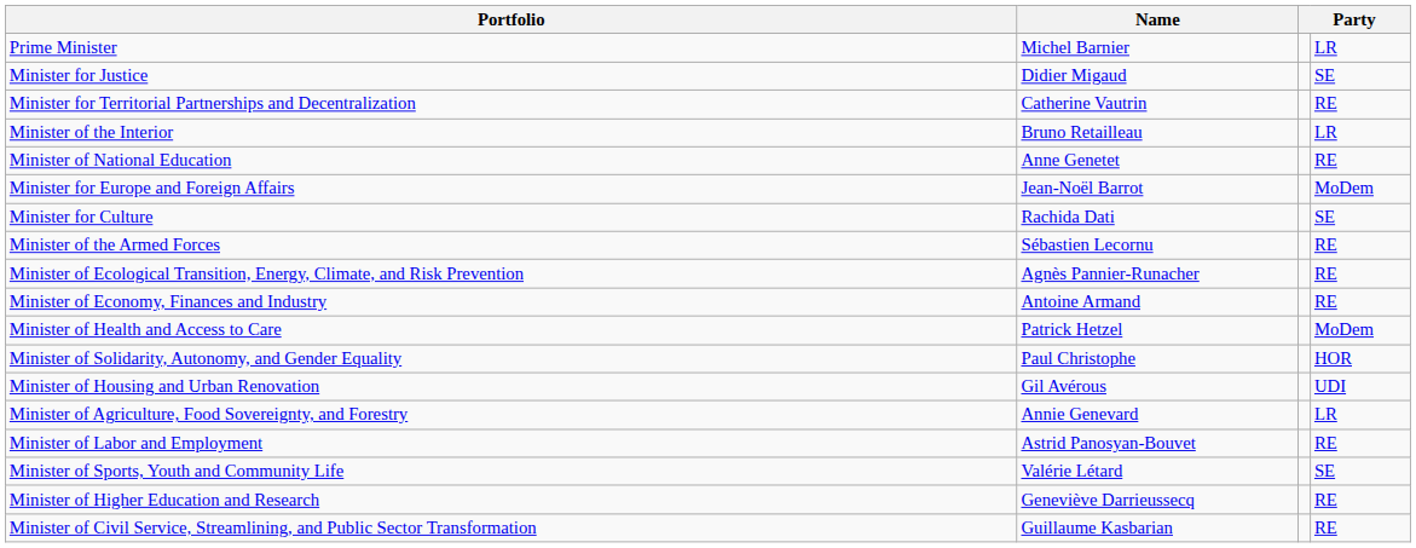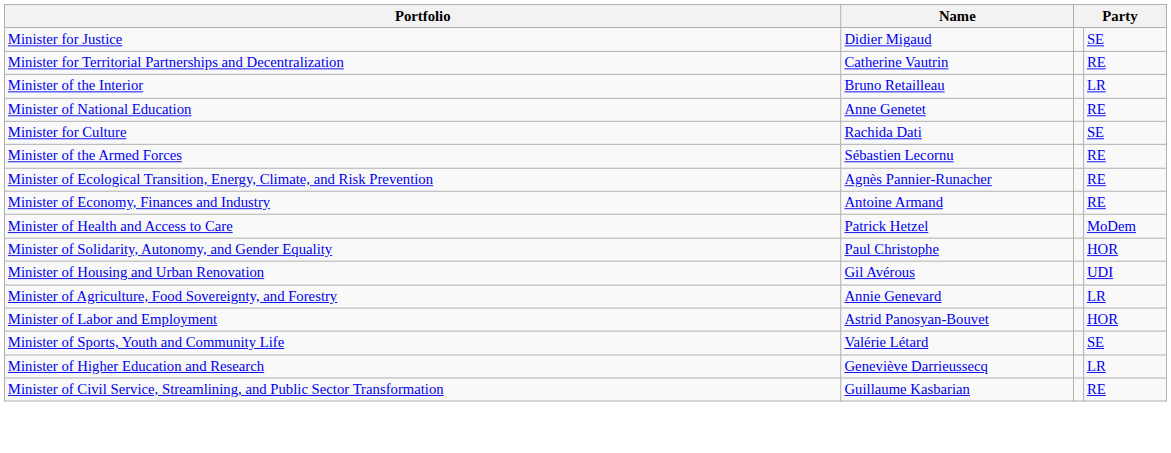 <table class="wikitable" style="width:100%">
 <tr>
 <th>Portfolio</th>
 <th style="width:20%">Name</th>
 <th colspan="2" style="width:8%">Party</th>
-</tr>
-<tr>
-<td><a href='#'>Prime Minister</a></td>
-<td><a href='#'>Michel Barnier</a></td>
-<td style="background: "></td>
-<td><a href='#'>LR</a></td>
 </tr>
 <tr>
 <td><a href='#'>Minister for Justice</a></td>
 <td><a href='#'>Didier Migaud</a></td>
 <td style="background:"></td>
 <td><a href='#'>SE</a></td>
 </tr>
 <tr>
 <td><a href='#'>Minister for Territorial Partnerships and Decentralization</a></td>
 <td><a href='#'>Catherine Vautrin</a></td>
 <td style="background:"></td>
 <td><a href='#'>RE</a></td>
 </tr>
 <tr>
 <td><a href='#'>Minister of the Interior</a></td>
 <td style="width:20%"><a href='#'>Bruno Retailleau</a></td>
 <td style="background:"></td>
 <td><a href='#'>LR</a></td>
 </tr>
 <tr>
 <td><a href='#'>Minister of National Education</a></td>
 <td><a href='#'>Anne Genetet</a></td>
 <td style="background:"></td>
 <td><a href='#'>RE</a></td>
-</tr>
-<tr>
-<td><a href='#'>Minister for Europe and Foreign Affairs</a></td>
-<td><a href='#'>Jean-Noël Barrot</a></td>
-<td style="background:"></td>
-<td><a href='#'>MoDem</a></td>
 </tr>
 <tr>
 <td><a href='#'>Minister for Culture</a></td>
 <td><a href='#'>Rachida Dati</a></td>
 <td style="background:"></td>
 <td><a href='#'>SE</a></td>
 </tr>
 <tr>
 <td><a href='#'>Minister of the Armed Forces</a></td>
 <td><a href='#'>Sébastien Lecornu</a></td>
 <td style="background:"></td>
 <td><a href='#'>RE</a></td>
 </tr>
 <tr>
 <td><a href='#'>Minister of Ecological Transition, Energy, Climate, and Risk Prevention</a></td>
 <td><a href='#'>Agnès Pannier-Runacher</a></td>
 <td style="background:"></td>
 <td><a href='#'>RE</a></td>
 </tr>
 <tr>
 <td><a href='#'>Minister of Economy, Finances and Industry</a></td>
 <td style="width:20%"><a href='#'>Antoine Armand</a></td>
 <td style="background:"></td>
 <td><a href='#'>RE</a></td>
 </tr>
 <tr>
 <td><a href='#'>Minister of Health and Access to Care</a></td>
 <td><a href='#'>Patrick Hetzel</a></td>
 <td style="background:"></td>
 <td><a href='#'>MoDem</a></td>
 </tr>
 <tr>
 <td><a href='#'>Minister of Solidarity, Autonomy, and Gender Equality</a></td>
 <td><a href='#'>Paul Christophe</a></td>
 <td style="background:"></td>
 <td><a href='#'>HOR</a></td>
 </tr>
 <tr>
 <td><a href='#'>Minister of Housing and Urban Renovation</a></td>
 <td><a href='#'>Gil Avérous</a></td>
 <td style="background:"></td>
 <td><a href='#'>UDI</a></td>
 </tr>
 <tr>
 <td><a href='#'>Minister of Agriculture, Food Sovereignty, and Forestry</a></td>
 <td><a href='#'>Annie Genevard</a></td>
 <td style="background:"></td>
 <td><a href='#'>LR</a></td>
 </tr>
 <tr>
 <td><a href='#'>Minister of Labor and Employment</a></td>
 <td><a href='#'>Astrid Panosyan-Bouvet</a></td>
 <td style="background:"></td>
-<td><a href='#'>RE</a></td>
+<td><a href='#'>HOR</a></td>
 </tr>
 <tr>
 <td><a href='#'>Minister of Sports, Youth and Community Life</a></td>
 <td><a href='#'>Valérie Létard</a></td>
 <td style="background:"></td>
 <td><a href='#'>SE</a></td>
 </tr>
 <tr>
 <td><a href='#'>Minister of Higher Education and Research</a></td>
 <td><a href='#'>Geneviève Darrieussecq</a></td>
 <td style="background:"></td>
-<td><a href='#'>RE</a></td>
+<td><a href='#'>LR</a></td>
 </tr>
 <tr>
 <td><a href='#'>Minister of Civil Service, Streamlining, and Public Sector Transformation</a></td>
 <td><a href='#'>Guillaume Kasbarian</a></td>
 <td style="background:"></td>
 <td><a href='#'>RE</a></td>
 </tr>
 </table>
